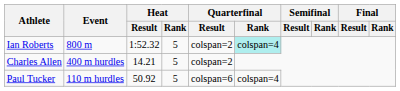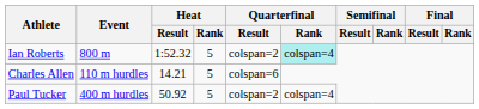 <table class="wikitable" style="font-size:90%">
 <tr>
 <th rowspan="2">Athlete</th>
 <th rowspan="2">Event</th>
 <th colspan="2">Heat</th>
 <th colspan="2">Quarterfinal</th>
 <th colspan="2">Semifinal</th>
 <th colspan="2">Final</th>
 </tr>
 <tr style="font-size:95%">
 <th>Result</th>
 <th>Rank</th>
 <th>Result</th>
 <th>Rank</th>
 <th>Result</th>
 <th>Rank</th>
 <th>Result</th>
 <th>Rank</th>
 </tr>
 <tr align=center>
 <td align=left><a href='#'>Ian Roberts</a></td>
 <td align=left><a href='#'>800 m</a></td>
 <td>1:52.32</td>
 <td>5</td>
 <td>colspan=2 </td>
 <td style="background: paleturquoise;">colspan=4 </td>
 </tr>
 <tr align=center>
 <td align=left><a href='#'>Charles Allen</a></td>
-<td align=left><a href='#'>400 m hurdles</a></td>
+<td align=left><a href='#'>110 m hurdles</a></td>
 <td>14.21</td>
 <td>5</td>
-<td>colspan=2 </td>
+<td>colspan=6 </td>
 </tr>
 <tr align=center>
 <td align=left><a href='#'>Paul Tucker</a></td>
-<td align=left><a href='#'>110 m hurdles</a></td>
+<td align=left><a href='#'>400 m hurdles</a></td>
 <td>50.92</td>
 <td>5</td>
-<td>colspan=6 </td>
+<td>colspan=2 </td>
 <td>colspan=4 </td>
 </tr>
 </table>
